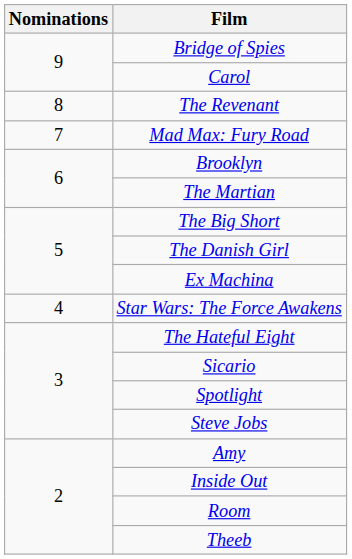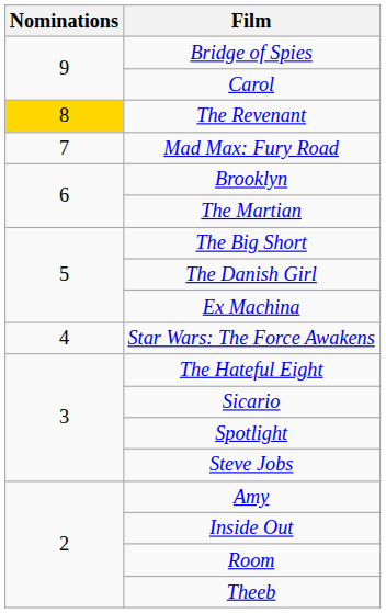 <table class="wikitable" style="text-align:center;">
 <tr>
 <th style="background:">Nominations</th>
 <th style="background:">Film</th>
 </tr>
 <tr>
 <td rowspan="2">9</td>
 <td><em><a href='#'>Bridge of Spies</a></em></td>
 </tr>
 <tr>
 <td><em><a href='#'>Carol</a></em></td>
 </tr>
 <tr>
-<td>8</td>
+<td style="background: gold;">8</td>
 <td><em><a href='#'>The Revenant</a></em></td>
 </tr>
 <tr>
 <td>7</td>
 <td><em><a href='#'>Mad Max: Fury Road</a></em></td>
 </tr>
 <tr>
 <td rowspan="2">6</td>
 <td><em><a href='#'>Brooklyn</a></em></td>
 </tr>
 <tr>
 <td><em><a href='#'>The Martian</a></em></td>
 </tr>
 <tr>
 <td rowspan="3">5</td>
 <td><em><a href='#'>The Big Short</a></em></td>
 </tr>
 <tr>
 <td><em><a href='#'>The Danish Girl</a></em></td>
 </tr>
 <tr>
 <td><em><a href='#'>Ex Machina</a></em></td>
 </tr>
 <tr>
 <td>4</td>
 <td><em><a href='#'>Star Wars: The Force Awakens</a></em></td>
 </tr>
 <tr>
 <td rowspan="4">3</td>
 <td><em><a href='#'>The Hateful Eight</a></em></td>
 </tr>
 <tr>
 <td><em><a href='#'>Sicario</a></em></td>
 </tr>
 <tr>
 <td><em><a href='#'>Spotlight</a></em></td>
 </tr>
 <tr>
 <td><em><a href='#'>Steve Jobs</a></em></td>
 </tr>
 <tr>
 <td rowspan="4">2</td>
 <td><em><a href='#'>Amy</a></em></td>
 </tr>
 <tr>
 <td><em><a href='#'>Inside Out</a></em></td>
 </tr>
 <tr>
 <td><em><a href='#'>Room</a></em></td>
 </tr>
 <tr>
 <td><em><a href='#'>Theeb</a></em></td>
 </tr>
 </table>
